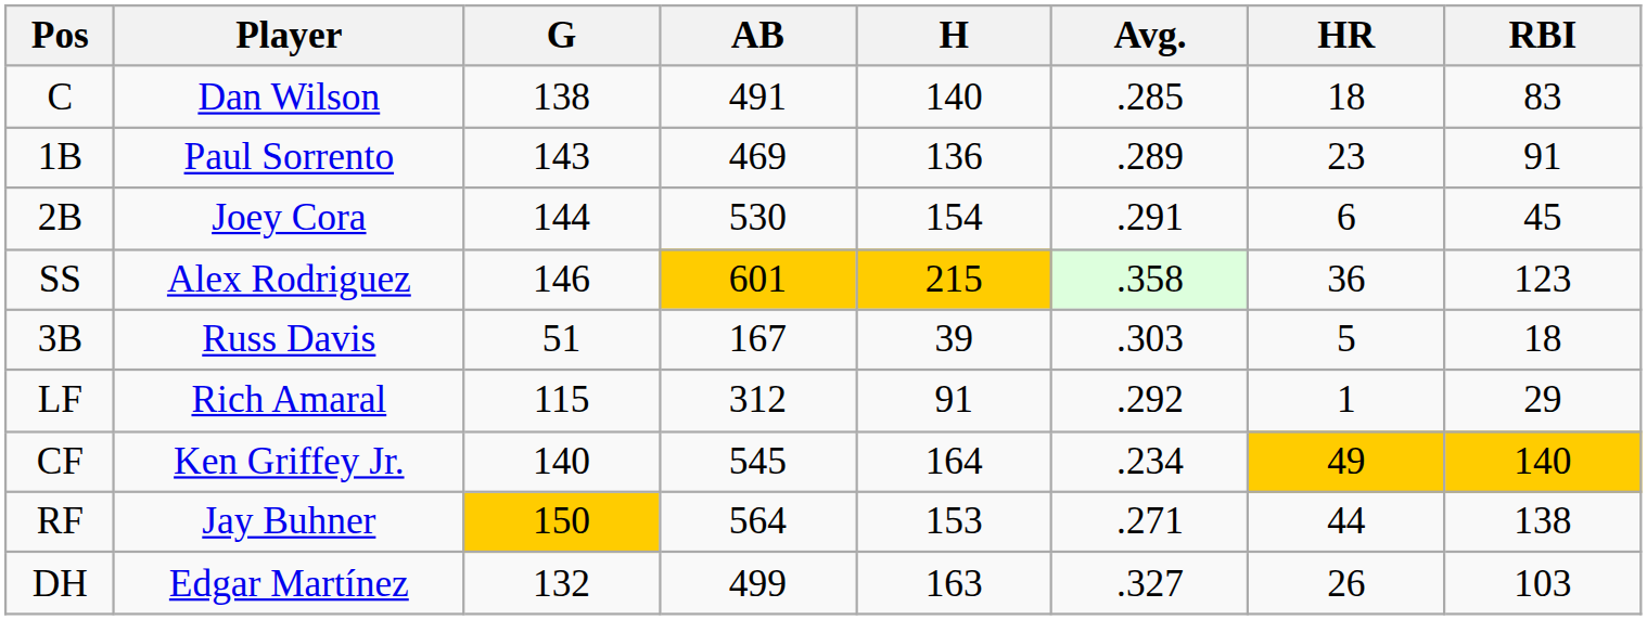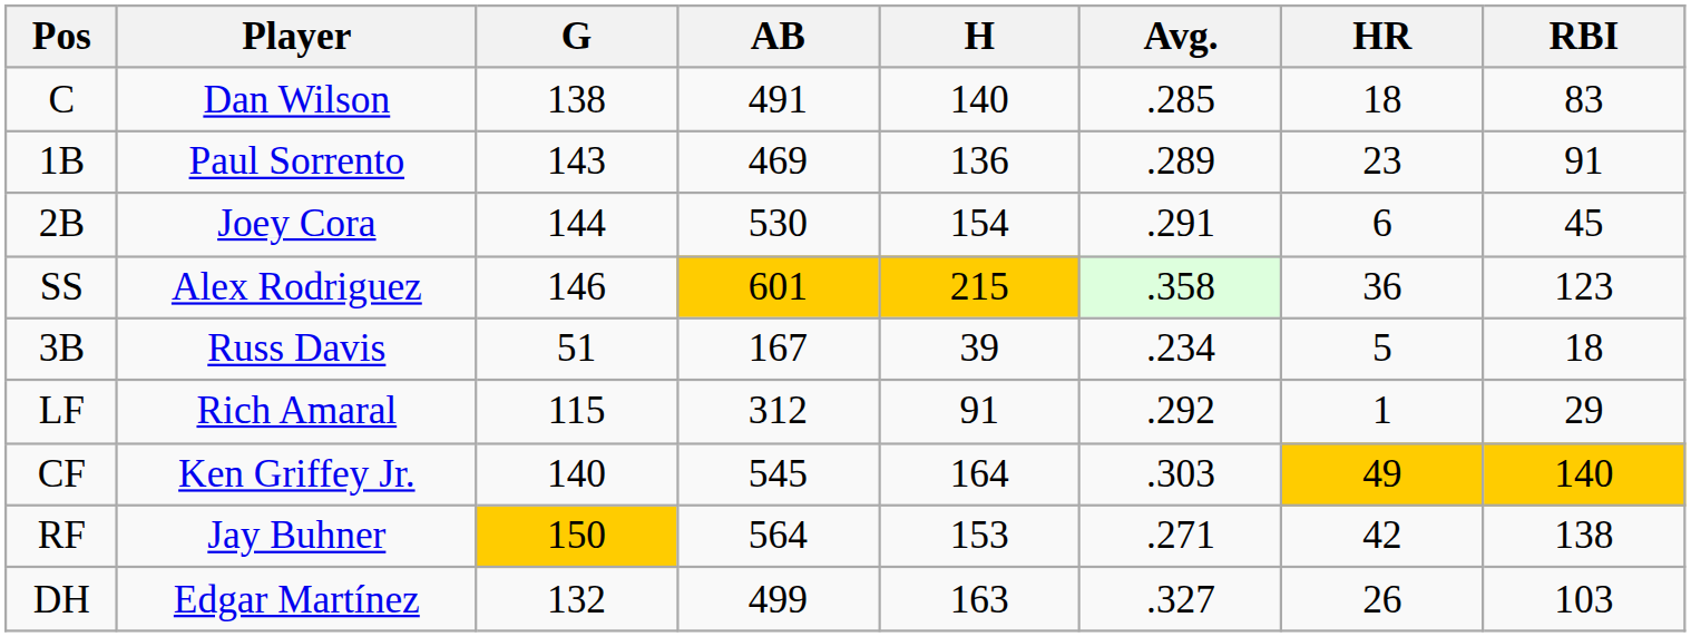 <table class="wikitable sortable">
 <tr>
 <th bgcolor="#DDDDFF" width="5%">Pos</th>
 <th bgcolor="#DDDDFF" width="16%">Player</th>
 <th bgcolor="#DDDDFF" width="9%">G</th>
 <th bgcolor="#DDDDFF" width="9%">AB</th>
 <th bgcolor="#DDDDFF" width="9%">H</th>
 <th bgcolor="#DDDDFF" width="9%">Avg.</th>
 <th bgcolor="#DDDDFF" width="9%">HR</th>
 <th bgcolor="#DDDDFF" width="9%">RBI</th>
 </tr>
 <tr align="center">
 <td>C</td>
 <td><a href='#'>Dan Wilson</a></td>
 <td>138</td>
 <td>491</td>
 <td>140</td>
 <td>.285</td>
 <td>18</td>
 <td>83</td>
 </tr>
 <tr align=center>
 <td>1B</td>
 <td><a href='#'>Paul Sorrento</a></td>
 <td>143</td>
 <td>469</td>
 <td>136</td>
 <td>.289</td>
 <td>23</td>
 <td>91</td>
 </tr>
 <tr align=center>
 <td>2B</td>
 <td><a href='#'>Joey Cora</a></td>
 <td>144</td>
 <td>530</td>
 <td>154</td>
 <td>.291</td>
 <td>6</td>
 <td>45</td>
 </tr>
 <tr align=center>
 <td>SS</td>
 <td><a href='#'>Alex Rodriguez</a></td>
 <td>146</td>
 <td style="background:#fc0;">601</td>
 <td style="background:#fc0;">215</td>
 <td style="background:#DDFFDD;">.358</td>
 <td>36</td>
 <td>123</td>
 </tr>
 <tr align=center>
 <td>3B</td>
 <td><a href='#'>Russ Davis</a></td>
 <td>51</td>
 <td>167</td>
 <td>39</td>
-<td>.303</td>
+<td>.234</td>
 <td>5</td>
 <td>18</td>
 </tr>
 <tr align=center>
 <td>LF</td>
 <td><a href='#'>Rich Amaral</a></td>
 <td>115</td>
 <td>312</td>
 <td>91</td>
 <td>.292</td>
 <td>1</td>
 <td>29</td>
 </tr>
 <tr align=center>
 <td>CF</td>
 <td><a href='#'>Ken Griffey Jr.</a></td>
 <td>140</td>
 <td>545</td>
 <td>164</td>
-<td>.234</td>
+<td>.303</td>
 <td style="background:#fc0;">49</td>
 <td style="background:#fc0;">140</td>
 </tr>
 <tr align=center>
 <td>RF</td>
 <td><a href='#'>Jay Buhner</a></td>
 <td style="background:#fc0;">150</td>
 <td>564</td>
 <td>153</td>
 <td>.271</td>
-<td>44</td>
+<td>42</td>
 <td>138</td>
 </tr>
 <tr align=center>
 <td>DH</td>
 <td><a href='#'>Edgar Martínez</a></td>
 <td>132</td>
 <td>499</td>
 <td>163</td>
 <td>.327</td>
 <td>26</td>
 <td>103</td>
 </tr>
 </table>
